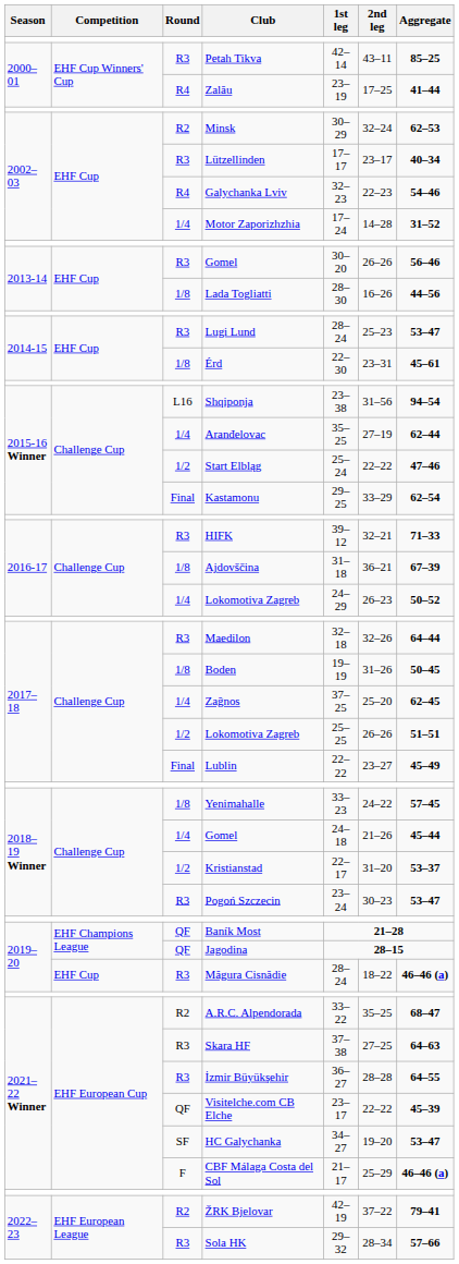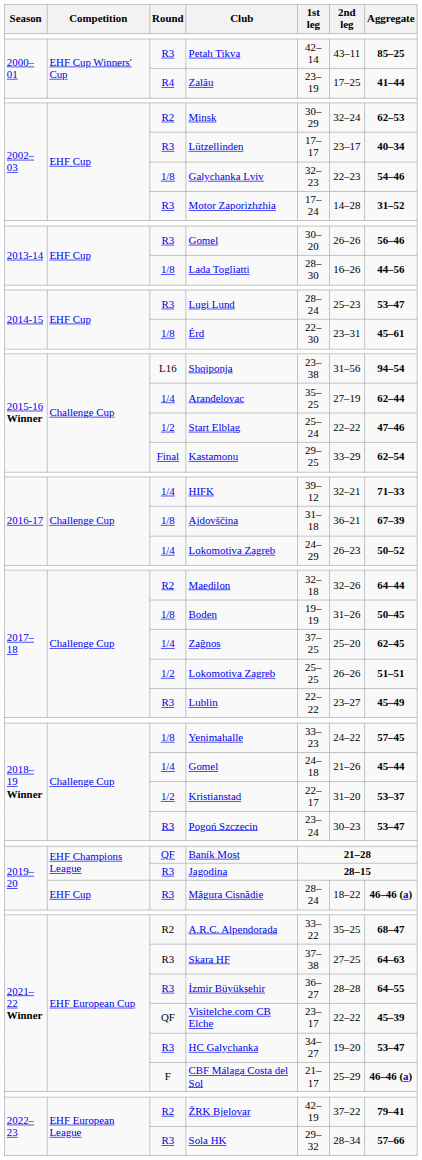 <table class="wikitable">
 <tr>
 <th>Season</th>
 <th>Competition</th>
 <th>Round</th>
 <th>Club</th>
 <th>1st leg</th>
 <th>2nd leg</th>
 <th>Aggregate</th>
 </tr>
 <tr>
 <td colspan="7" bgcolor=white></td>
 </tr>
 <tr>
 <td rowspan="2"><a href='#'>2000–01</a></td>
 <td rowspan="2"><a href='#'>EHF Cup Winners' Cup</a></td>
 <td style="text-align:center;"><a href='#'>R3</a></td>
 <td> <a href='#'>Petah Tikva</a></td>
 <td style="text-align:center;">42–14</td>
 <td style="text-align:center;">43–11</td>
 <td style="text-align:center;"><strong>85–25</strong></td>
 </tr>
 <tr>
 <td style="text-align:center;"><a href='#'>R4</a></td>
 <td> <a href='#'>Zalău</a></td>
 <td style="text-align:center;">23–19</td>
 <td style="text-align:center;">17–25</td>
 <td style="text-align:center;"><strong>41–44</strong></td>
 </tr>
 <tr>
 <td colspan="7" bgcolor=white></td>
 </tr>
 <tr>
 <td rowspan="4"><a href='#'>2002–03</a></td>
 <td rowspan="4"><a href='#'>EHF Cup</a></td>
 <td style="text-align:center;"><a href='#'>R2</a></td>
 <td> <a href='#'>Minsk</a></td>
 <td style="text-align:center;">30–29</td>
 <td style="text-align:center;">32–24</td>
 <td style="text-align:center;"><strong>62–53</strong></td>
 </tr>
 <tr>
 <td style="text-align:center;"><a href='#'>R3</a></td>
 <td> <a href='#'>Lützellinden</a></td>
 <td style="text-align:center;">17–17</td>
 <td style="text-align:center;">23–17</td>
 <td style="text-align:center;"><strong>40–34</strong></td>
 </tr>
 <tr>
-<td style="text-align:center;"><a href='#'>R4</a></td>
+<td style="text-align:center;"><a href='#'>1/8</a></td>
 <td> <a href='#'>Galychanka Lviv</a></td>
 <td style="text-align:center;">32–23</td>
 <td style="text-align:center;">22–23</td>
 <td style="text-align:center;"><strong>54–46</strong></td>
 </tr>
 <tr>
-<td style="text-align:center;"><a href='#'>1/4</a></td>
+<td style="text-align:center;"><a href='#'>R3</a></td>
 <td> <a href='#'>Motor Zaporizhzhia</a></td>
 <td style="text-align:center;">17–24</td>
 <td style="text-align:center;">14–28</td>
 <td style="text-align:center;"><strong>31–52</strong></td>
 </tr>
 <tr>
 <td colspan="7" bgcolor=white></td>
 </tr>
 <tr>
 <td rowspan="2"><a href='#'>2013-14</a></td>
 <td rowspan="2"><a href='#'>EHF Cup</a></td>
 <td style="text-align:center;"><a href='#'>R3</a></td>
 <td> <a href='#'>Gomel</a></td>
 <td style="text-align:center;">30–20</td>
 <td style="text-align:center;">26–26</td>
 <td style="text-align:center;"><strong>56–46</strong></td>
 </tr>
 <tr>
 <td style="text-align:center;"><a href='#'>1/8</a></td>
 <td> <a href='#'>Lada Togliatti</a></td>
 <td style="text-align:center;">28–30</td>
 <td style="text-align:center;">16–26</td>
 <td style="text-align:center;"><strong>44–56</strong></td>
 </tr>
 <tr>
 <td colspan="7" bgcolor=white></td>
 </tr>
 <tr>
 <td rowspan="2"><a href='#'>2014-15</a></td>
 <td rowspan="2"><a href='#'>EHF Cup</a></td>
 <td style="text-align:center;"><a href='#'>R3</a></td>
 <td> <a href='#'>Lugi Lund</a></td>
 <td style="text-align:center;">28–24</td>
 <td style="text-align:center;">25–23</td>
 <td style="text-align:center;"><strong>53–47</strong></td>
 </tr>
 <tr>
 <td style="text-align:center;"><a href='#'>1/8</a></td>
 <td> <a href='#'>Érd</a></td>
 <td style="text-align:center;">22–30</td>
 <td style="text-align:center;">23–31</td>
 <td style="text-align:center;"><strong>45–61</strong></td>
 </tr>
 <tr>
 <td colspan="7" bgcolor=white></td>
 </tr>
 <tr>
 <td rowspan="4"><a href='#'>2015-16</a><br> <strong>Winner</strong></td>
 <td rowspan="4"><a href='#'>Challenge Cup</a></td>
 <td style="text-align:center;">L16</td>
 <td> <a href='#'>Shqiponja</a></td>
 <td style="text-align:center;">23–38</td>
 <td style="text-align:center;">31–56</td>
 <td style="text-align:center;"><strong>94–54</strong></td>
 </tr>
 <tr>
 <td style="text-align:center;"><a href='#'>1/4</a></td>
 <td> <a href='#'>Aranđelovac</a></td>
 <td style="text-align:center;">35–25</td>
 <td style="text-align:center;">27–19</td>
 <td style="text-align:center;"><strong>62–44</strong></td>
 </tr>
 <tr>
 <td style="text-align:center;"><a href='#'>1/2</a></td>
 <td> <a href='#'>Start Elbląg</a></td>
 <td style="text-align:center;">25–24</td>
 <td style="text-align:center;">22–22</td>
 <td style="text-align:center;"><strong>47–46</strong></td>
 </tr>
 <tr>
 <td style="text-align:center;"><a href='#'>Final</a></td>
 <td> <a href='#'>Kastamonu</a></td>
 <td style="text-align:center;">29–25</td>
 <td style="text-align:center;">33–29</td>
 <td style="text-align:center;"><strong>62–54</strong></td>
 </tr>
 <tr>
 <td colspan="7" bgcolor=white></td>
 </tr>
 <tr>
 <td rowspan="3"><a href='#'>2016-17</a></td>
 <td rowspan="3"><a href='#'>Challenge Cup</a></td>
-<td style="text-align:center;"><a href='#'>R3</a></td>
+<td style="text-align:center;"><a href='#'>1/4</a></td>
 <td> <a href='#'>HIFK</a></td>
 <td style="text-align:center;">39–12</td>
 <td style="text-align:center;">32–21</td>
 <td style="text-align:center;"><strong>71–33</strong></td>
 </tr>
 <tr>
 <td style="text-align:center;"><a href='#'>1/8</a></td>
 <td> <a href='#'>Ajdovščina</a></td>
 <td style="text-align:center;">31–18</td>
 <td style="text-align:center;">36–21</td>
 <td style="text-align:center;"><strong>67–39</strong></td>
 </tr>
 <tr>
 <td style="text-align:center;"><a href='#'>1/4</a></td>
 <td> <a href='#'>Lokomotiva Zagreb</a></td>
 <td style="text-align:center;">24–29</td>
 <td style="text-align:center;">26–23</td>
 <td style="text-align:center;"><strong>50–52</strong></td>
 </tr>
 <tr>
 <td colspan="7" bgcolor=white></td>
 </tr>
 <tr>
 <td rowspan="5"><a href='#'>2017–18</a></td>
 <td rowspan="5"><a href='#'>Challenge Cup</a></td>
-<td style="text-align:center;"><a href='#'>R3</a></td>
+<td style="text-align:center;"><a href='#'>R2</a></td>
 <td> <a href='#'>Maedilon</a></td>
 <td style="text-align:center;">32–18</td>
 <td style="text-align:center;">32–26</td>
 <td style="text-align:center;"><strong>64–44</strong></td>
 </tr>
 <tr>
 <td style="text-align:center;"><a href='#'>1/8</a></td>
 <td> <a href='#'>Boden</a></td>
 <td style="text-align:center;">19–19</td>
 <td style="text-align:center;">31–26</td>
 <td style="text-align:center;"><strong>50–45</strong></td>
 </tr>
 <tr>
 <td style="text-align:center;"><a href='#'>1/4</a></td>
 <td> <a href='#'>Zağnos</a></td>
 <td style="text-align:center;">37–25</td>
 <td style="text-align:center;">25–20</td>
 <td style="text-align:center;"><strong>62–45</strong></td>
 </tr>
 <tr>
 <td style="text-align:center;"><a href='#'>1/2</a></td>
 <td> <a href='#'>Lokomotiva Zagreb</a></td>
 <td style="text-align:center;">25–25</td>
 <td style="text-align:center;">26–26</td>
 <td style="text-align:center;"><strong>51–51</strong></td>
 </tr>
 <tr>
-<td style="text-align:center;"><a href='#'>Final</a></td>
+<td style="text-align:center;"><a href='#'>R3</a></td>
 <td> <a href='#'>Lublin</a></td>
 <td style="text-align:center;">22–22</td>
 <td style="text-align:center;">23–27</td>
 <td style="text-align:center;"><strong>45–49</strong></td>
 </tr>
 <tr>
 <td colspan="7" bgcolor=white></td>
 </tr>
 <tr>
 <td rowspan="4"><a href='#'>2018–19</a><br> <strong>Winner</strong></td>
 <td rowspan="4"><a href='#'>Challenge Cup</a></td>
 <td style="text-align:center;"><a href='#'>1/8</a></td>
 <td> <a href='#'>Yenimahalle</a></td>
 <td style="text-align:center;">33–23</td>
 <td style="text-align:center;">24–22</td>
 <td style="text-align:center;"><strong>57–45</strong></td>
 </tr>
 <tr>
 <td style="text-align:center;"><a href='#'>1/4</a></td>
 <td> <a href='#'>Gomel</a></td>
 <td style="text-align:center;">24–18</td>
 <td style="text-align:center;">21–26</td>
 <td style="text-align:center;"><strong>45–44</strong></td>
 </tr>
 <tr>
 <td style="text-align:center;"><a href='#'>1/2</a></td>
 <td> <a href='#'>Kristianstad</a></td>
 <td style="text-align:center;">22–17</td>
 <td style="text-align:center;">31–20</td>
 <td style="text-align:center;"><strong>53–37</strong></td>
 </tr>
 <tr>
 <td style="text-align:center;"><a href='#'>R3</a></td>
 <td> <a href='#'>Pogoń Szczecin</a></td>
 <td style="text-align:center;">23–24</td>
 <td style="text-align:center;">30–23</td>
 <td style="text-align:center;"><strong>53–47</strong></td>
 </tr>
 <tr>
 <td colspan="7" bgcolor=white></td>
 </tr>
 <tr>
 <td rowspan="3"><a href='#'>2019–20</a></td>
 <td rowspan="2"><a href='#'>EHF Champions League</a></td>
 <td style="text-align:center;"><a href='#'>QF</a></td>
 <td> <a href='#'>Baník Most</a></td>
 <td colspan=3; style="text-align:center;"><strong>21–28</strong></td>
 </tr>
 <tr>
-<td style="text-align:center;"><a href='#'>QF</a></td>
+<td style="text-align:center;"><a href='#'>R3</a></td>
 <td> <a href='#'>Jagodina</a></td>
 <td colspan=3; style="text-align:center;"><strong>28–15</strong></td>
 </tr>
 <tr>
 <td rowspan="1"><a href='#'>EHF Cup</a></td>
 <td style="text-align:center;"><a href='#'>R3</a></td>
 <td> <a href='#'>Măgura Cisnădie</a></td>
 <td style="text-align:center;">28–24</td>
 <td style="text-align:center;">18–22</td>
 <td style="text-align:center;"><strong>46–46</strong> <strong>(<a href='#'>a</a>)</strong></td>
 </tr>
 <tr>
 <td colspan="7" bgcolor=white></td>
 </tr>
 <tr>
 <td rowspan="6"><a href='#'>2021–22</a><br> <strong>Winner</strong></td>
 <td rowspan="6"><a href='#'>EHF European Cup</a></td>
 <td style="text-align:center;">R2</td>
 <td> <a href='#'>A.R.C. Alpendorada</a></td>
 <td style="text-align:center;">33–22</td>
 <td style="text-align:center;">35–25</td>
 <td style="text-align:center;"><strong>68–47</strong></td>
 </tr>
 <tr>
 <td style="text-align:center;">R3</td>
 <td> <a href='#'>Skara HF</a></td>
 <td style="text-align:center;">37–38</td>
 <td style="text-align:center;">27–25</td>
 <td style="text-align:center;"><strong>64–63</strong></td>
 </tr>
 <tr>
 <td style="text-align:center;"><a href='#'>R3</a></td>
 <td> <a href='#'>İzmir Büyükşehir</a></td>
 <td style="text-align:center;">36–27</td>
 <td style="text-align:center;">28–28</td>
 <td style="text-align:center;"><strong>64–55</strong></td>
 </tr>
 <tr>
 <td style="text-align:center;">QF</td>
 <td> <a href='#'>Visitelche.com CB Elche</a></td>
 <td style="text-align:center;">23–17</td>
 <td style="text-align:center;">22–22</td>
 <td style="text-align:center;"><strong>45–39</strong></td>
 </tr>
 <tr>
-<td style="text-align:center;">SF</td>
+<td style="text-align:center;"><a href='#'>R3</a></td>
 <td> <a href='#'>HC Galychanka</a></td>
 <td style="text-align:center;">34–27</td>
 <td style="text-align:center;">19–20</td>
 <td style="text-align:center;"><strong>53–47</strong></td>
 </tr>
 <tr>
 <td style="text-align:center;">F</td>
 <td> <a href='#'>CBF Málaga Costa del Sol</a></td>
 <td style="text-align:center;">21–17</td>
 <td style="text-align:center;">25–29</td>
 <td style="text-align:center;"><strong>46–46</strong> <strong>(<a href='#'>a</a>)</strong></td>
 </tr>
 <tr>
 <td colspan="7" bgcolor=white></td>
 </tr>
 <tr>
 <td rowspan="2"><a href='#'>2022–23</a></td>
 <td rowspan="2"><a href='#'>EHF European League</a></td>
 <td style="text-align:center;"><a href='#'>R2</a></td>
 <td> <a href='#'>ŽRK Bjelovar</a></td>
 <td style="text-align:center;">42–19</td>
 <td style="text-align:center;">37–22</td>
 <td style="text-align:center;"><strong>79–41</strong></td>
 </tr>
 <tr>
 <td style="text-align:center;"><a href='#'>R3</a></td>
 <td> <a href='#'>Sola HK</a></td>
 <td style="text-align:center;">29–32</td>
 <td style="text-align:center;">28–34</td>
 <td style="text-align:center;"><strong>57–66</strong></td>
 </tr>
 </table>
